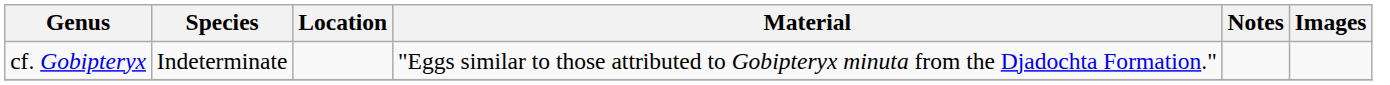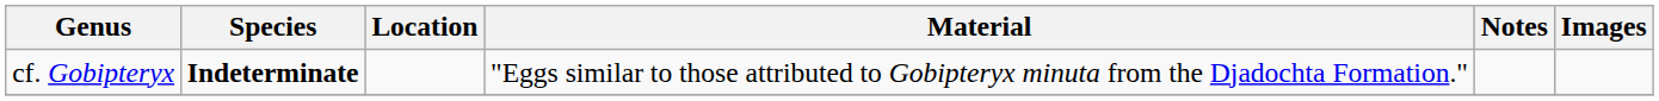 <table class="wikitable sortable">
 <tr>
 <th>Genus</th>
 <th>Species</th>
 <th>Location</th>
 <th>Material</th>
 <th>Notes</th>
 <th>Images</th>
 </tr>
 <tr>
 <td>cf. <em><a href='#'>Gobipteryx</a></em></td>
-<td>Indeterminate</td>
+<td><strong>Indeterminate</strong></td>
 <td></td>
 <td>"Eggs similar to those attributed to <em>Gobipteryx minuta</em> from the <a href='#'>Djadochta Formation</a>."</td>
 <td></td>
 <td></td>
 </tr>
 <tr>
 </tr>
 </table>
